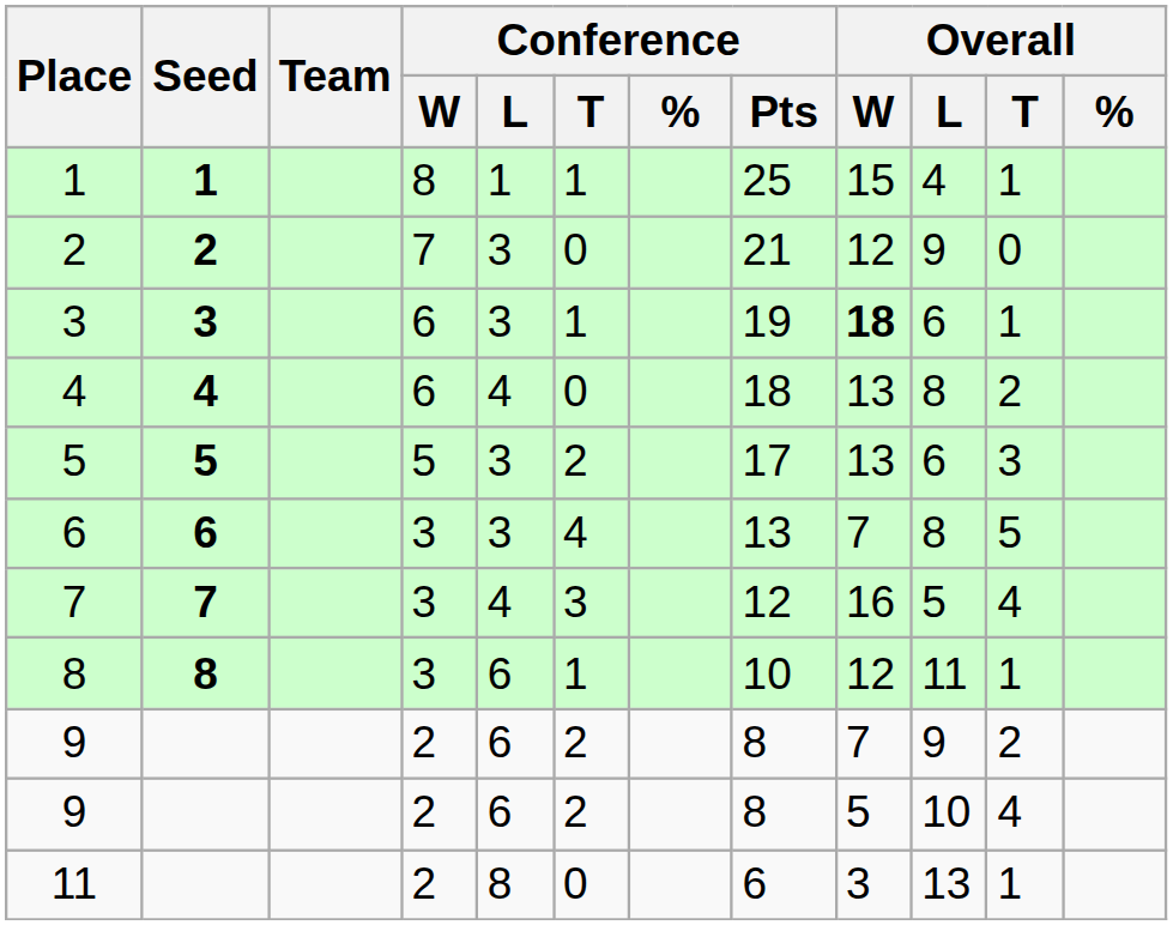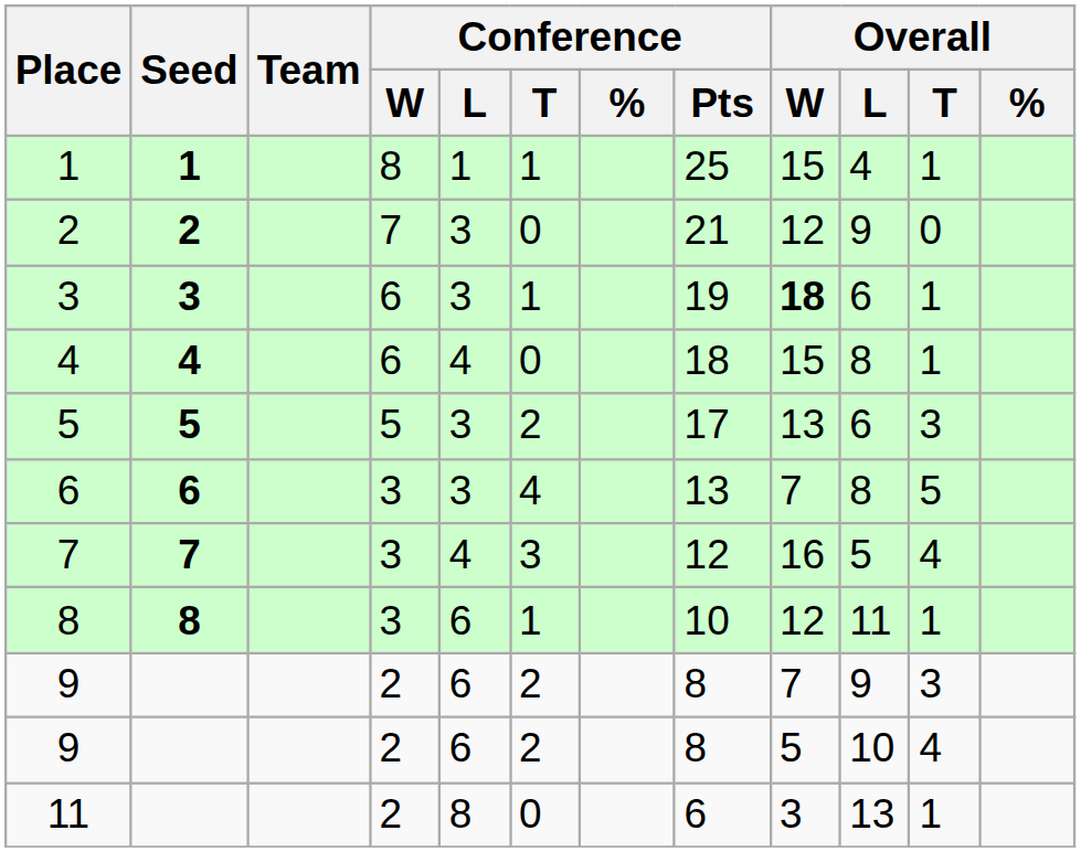 <table class="wikitable">
 <tr>
 <th rowspan ="2">Place</th>
 <th rowspan ="2">Seed</th>
 <th rowspan ="2">Team</th>
 <th colspan = "5">Conference</th>
 <th colspan = "4">Overall</th>
 </tr>
 <tr>
 <th scope="col" style="width: 20px;">W</th>
 <th scope="col" style="width: 20px;">L</th>
 <th scope="col" style="width: 20px;">T</th>
 <th scope="col" style="width: 30px;">%</th>
 <th scope="col" style="width: 30px;">Pts</th>
 <th scope="col" style="width: 20px;">W</th>
 <th scope="col" style="width: 20px;">L</th>
 <th scope="col" style="width: 20px;">T</th>
 <th scope="col" style="width: 30px;">%</th>
 </tr>
 <tr bgcolor=#ccffcc>
 <td style="text-align:center;">1</td>
 <td style="text-align:center;"><strong>1</strong></td>
 <td></td>
 <td>8</td>
 <td>1</td>
 <td>1</td>
 <td></td>
 <td>25</td>
 <td>15</td>
 <td>4</td>
 <td>1</td>
 <td></td>
 </tr>
 <tr bgcolor=#ccffcc>
 <td style="text-align:center;">2</td>
 <td style="text-align:center;"><strong>2</strong></td>
 <td></td>
 <td>7</td>
 <td>3</td>
 <td>0</td>
 <td></td>
 <td>21</td>
 <td>12</td>
 <td>9</td>
 <td>0</td>
 <td></td>
 </tr>
 <tr bgcolor=#ccffcc>
 <td style="text-align:center;">3</td>
 <td style="text-align:center;"><strong>3</strong></td>
 <td></td>
 <td>6</td>
 <td>3</td>
 <td>1</td>
 <td></td>
 <td>19</td>
 <td><strong>18</strong></td>
 <td>6</td>
 <td>1</td>
 <td></td>
 </tr>
 <tr bgcolor=#ccffcc>
 <td style="text-align:center;">4</td>
 <td style="text-align:center;"><strong>4</strong></td>
 <td></td>
 <td>6</td>
 <td>4</td>
 <td>0</td>
 <td></td>
 <td>18</td>
-<td>13</td>
+<td>15</td>
 <td>8</td>
-<td>2</td>
+<td>1</td>
 <td></td>
 </tr>
 <tr bgcolor=#ccffcc>
 <td style="text-align:center;">5</td>
 <td style="text-align:center;"><strong>5</strong></td>
 <td></td>
 <td>5</td>
 <td>3</td>
 <td>2</td>
 <td></td>
 <td>17</td>
 <td>13</td>
 <td>6</td>
 <td>3</td>
 <td></td>
 </tr>
 <tr bgcolor=#ccffcc>
 <td style="text-align:center;">6</td>
 <td style="text-align:center;"><strong>6</strong></td>
 <td></td>
 <td>3</td>
 <td>3</td>
 <td>4</td>
 <td></td>
 <td>13</td>
 <td>7</td>
 <td>8</td>
 <td>5</td>
 <td></td>
 </tr>
 <tr bgcolor=#ccffcc>
 <td style="text-align:center;">7</td>
 <td style="text-align:center;"><strong>7</strong></td>
 <td></td>
 <td>3</td>
 <td>4</td>
 <td>3</td>
 <td></td>
 <td>12</td>
 <td>16</td>
 <td>5</td>
 <td>4</td>
 <td></td>
 </tr>
 <tr bgcolor=#ccffcc>
 <td style="text-align:center;">8</td>
 <td style="text-align:center;"><strong>8</strong></td>
 <td></td>
 <td>3</td>
 <td>6</td>
 <td>1</td>
 <td></td>
 <td>10</td>
 <td>12</td>
 <td>11</td>
 <td>1</td>
 <td></td>
 </tr>
 <tr>
 <td style="text-align:center;">9</td>
 <td style="text-align:center;"></td>
 <td></td>
 <td>2</td>
 <td>6</td>
 <td>2</td>
 <td></td>
 <td>8</td>
 <td>7</td>
 <td>9</td>
-<td>2</td>
+<td>3</td>
 <td></td>
 </tr>
 <tr>
 <td style="text-align:center;">9</td>
 <td style="text-align:center;"></td>
 <td></td>
 <td>2</td>
 <td>6</td>
 <td>2</td>
 <td></td>
 <td>8</td>
 <td>5</td>
 <td>10</td>
 <td>4</td>
 <td></td>
 </tr>
 <tr>
 <td style="text-align:center;">11</td>
 <td style="text-align:center;"></td>
 <td></td>
 <td>2</td>
 <td>8</td>
 <td>0</td>
 <td></td>
 <td>6</td>
 <td>3</td>
 <td>13</td>
 <td>1</td>
 <td></td>
 </tr>
 </table>
